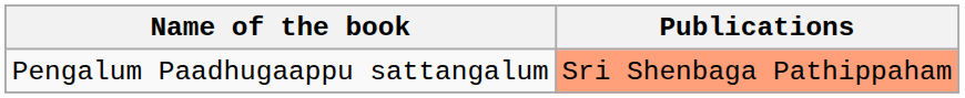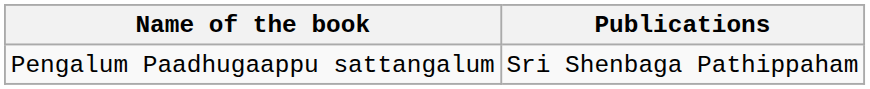 <table class="wikitable sortable">
 <tr>
 <th>Name of the book</th>
 <th>Publications</th>
 </tr>
 <tr>
 <td>Pengalum Paadhugaappu sattangalum</td>
-<td style="background: lightsalmon;">Sri Shenbaga Pathippaham</td>
+<td>Sri Shenbaga Pathippaham</td>
 </tr>
 </table>
